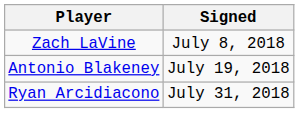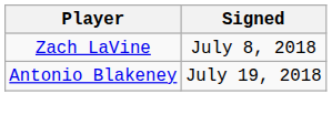 <table class="wikitable sortable sortable" style="text-align: center">
 <tr>
 <th>Player</th>
 <th>Signed</th>
 </tr>
 <tr>
 <td><a href='#'>Zach LaVine</a></td>
 <td>July 8, 2018</td>
 </tr>
 <tr>
 <td><a href='#'>Antonio Blakeney</a></td>
 <td>July 19, 2018</td>
 </tr>
-<tr>
-<td><a href='#'>Ryan Arcidiacono</a></td>
-<td>July 31, 2018</td>
-</tr>
 </table>
